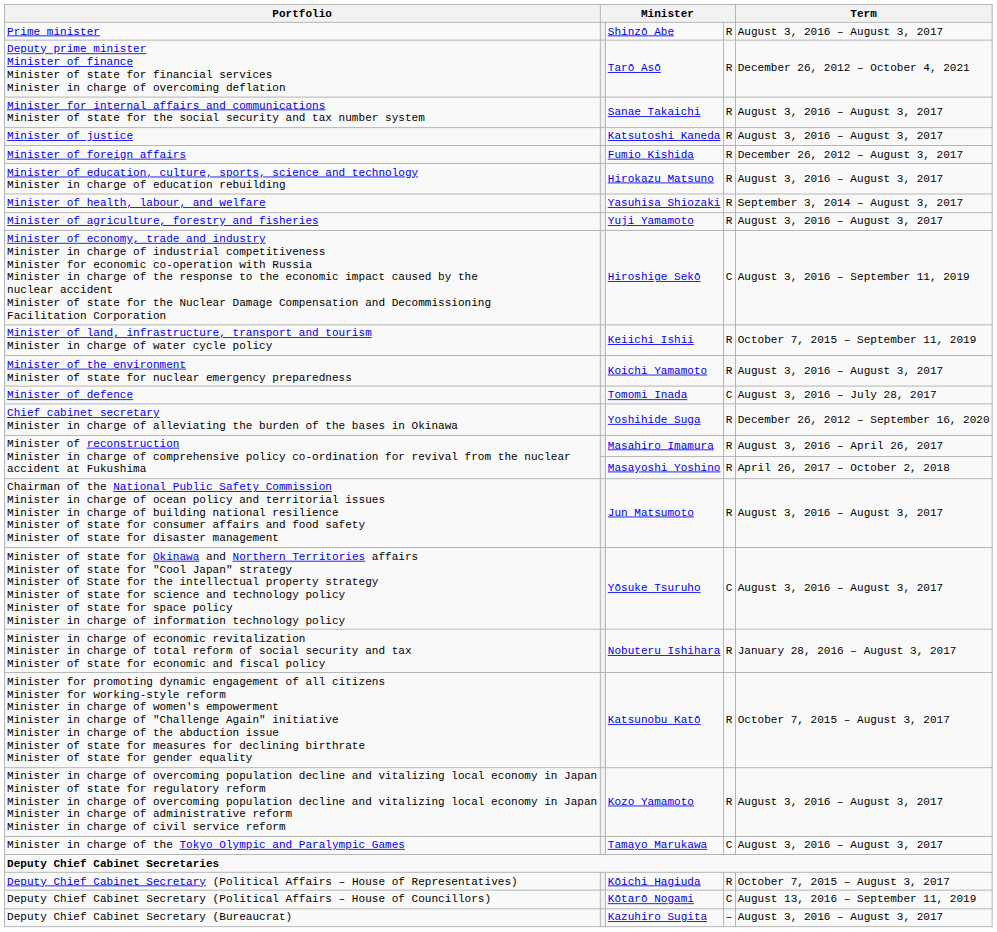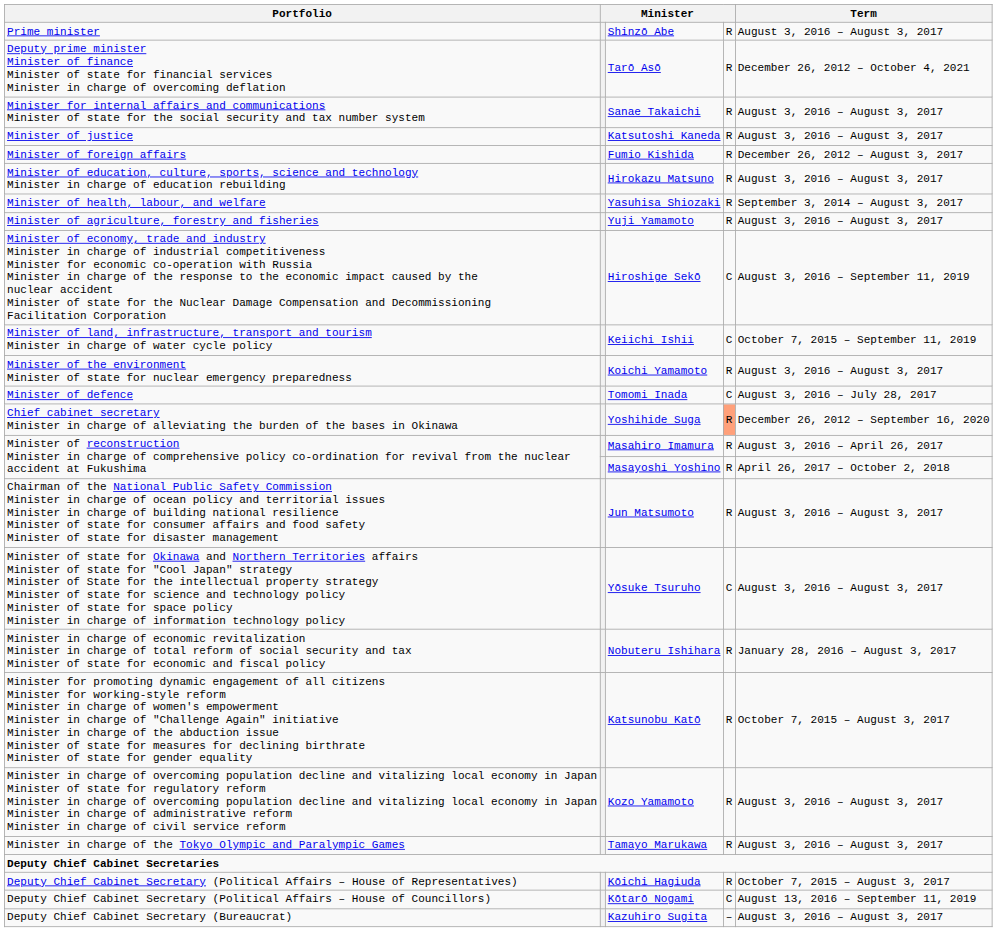 <table class="wikitable">
 <tr>
 <th>Portfolio</th>
 <th colspan=3>Minister</th>
 <th colspan=2>Term</th>
 </tr>
 <tr>
 <td><a href='#'>Prime minister</a></td>
 <th style="color:inherit;background-color: "></th>
 <td><a href='#'>Shinzō Abe</a></td>
 <td>R</td>
 <td>August 3, 2016 – August 3, 2017</td>
 </tr>
 <tr>
 <td><a href='#'>Deputy prime minister</a><br><a href='#'>Minister of finance</a><br>Minister of state for financial services<br>Minister in charge of overcoming deflation</td>
 <th style="color:inherit;background-color: "></th>
 <td><a href='#'>Tarō Asō</a></td>
 <td>R</td>
 <td>December 26, 2012 – October 4, 2021</td>
 </tr>
 <tr>
 <td><a href='#'>Minister for internal affairs and communications</a><br>Minister of state for the social security and tax number system</td>
 <th style="color:inherit;background-color: "></th>
 <td><a href='#'>Sanae Takaichi</a></td>
 <td>R</td>
 <td>August 3, 2016 – August 3, 2017</td>
 </tr>
 <tr>
 <td><a href='#'>Minister of justice</a></td>
 <th style="color:inherit;background-color: "></th>
 <td><a href='#'>Katsutoshi Kaneda</a></td>
 <td>R</td>
 <td>August 3, 2016 – August 3, 2017</td>
 </tr>
 <tr>
 <td><a href='#'>Minister of foreign affairs</a></td>
 <th style="color:inherit;background-color: "></th>
 <td><a href='#'>Fumio Kishida</a></td>
 <td>R</td>
 <td>December 26, 2012 – August 3, 2017</td>
 </tr>
 <tr>
 <td><a href='#'>Minister of education, culture, sports, science and technology</a><br>Minister in charge of education rebuilding</td>
 <th style="color:inherit;background-color: "></th>
 <td><a href='#'>Hirokazu Matsuno</a></td>
 <td>R</td>
 <td>August 3, 2016 – August 3, 2017</td>
 </tr>
 <tr>
 <td><a href='#'>Minister of health, labour, and welfare</a></td>
 <th style="color:inherit;background-color: "></th>
 <td><a href='#'>Yasuhisa Shiozaki</a></td>
 <td>R</td>
 <td>September 3, 2014 – August 3, 2017</td>
 </tr>
 <tr>
 <td><a href='#'>Minister of agriculture, forestry and fisheries</a></td>
 <th style="color:inherit;background-color: "></th>
 <td><a href='#'>Yuji Yamamoto</a></td>
 <td>R</td>
 <td>August 3, 2016 – August 3, 2017</td>
 </tr>
 <tr>
 <td><a href='#'>Minister of economy, trade and industry</a><br>Minister in charge of industrial competitiveness<br>Minister for economic co-operation with Russia<br>Minister in charge of the response to the economic impact caused by the<br>nuclear accident<br>Minister of state for the Nuclear Damage Compensation and Decommissioning<br>Facilitation Corporation</td>
 <th style="color:inherit;background-color: "></th>
 <td><a href='#'>Hiroshige Sekō</a></td>
 <td>C</td>
 <td>August 3, 2016 – September 11, 2019</td>
 </tr>
 <tr>
 <td><a href='#'>Minister of land, infrastructure, transport and tourism</a><br>Minister in charge of water cycle policy</td>
 <th style="color:inherit;background-color: "></th>
 <td><a href='#'>Keiichi Ishii</a></td>
-<td>R</td>
+<td>C</td>
 <td>October 7, 2015 – September 11, 2019</td>
 </tr>
 <tr>
 <td><a href='#'>Minister of the environment</a><br>Minister of state for nuclear emergency preparedness</td>
 <th style="color:inherit;background-color: "></th>
 <td><a href='#'>Koichi Yamamoto</a></td>
 <td>R</td>
 <td>August 3, 2016 – August 3, 2017</td>
 </tr>
 <tr>
 <td><a href='#'>Minister of defence</a></td>
 <th style="color:inherit;background-color: "></th>
 <td><a href='#'>Tomomi Inada</a></td>
 <td>C</td>
 <td>August 3, 2016 – July 28, 2017</td>
 </tr>
 <tr>
 <td><a href='#'>Chief cabinet secretary</a><br>Minister in charge of alleviating the burden of the bases in Okinawa</td>
 <th style="color:inherit;background-color: "></th>
 <td><a href='#'>Yoshihide Suga</a></td>
-<td>R</td>
+<td style="background: lightsalmon;">R</td>
 <td>December 26, 2012 – September 16, 2020</td>
 </tr>
 <tr>
 <td rowspan=2>Minister of <a href='#'>reconstruction</a><br>Minister in charge of comprehensive policy co-ordination for revival from the nuclear<br>accident at Fukushima</td>
 <th style="color:inherit;background-color: "></th>
 <td><a href='#'>Masahiro Imamura</a></td>
 <td>R</td>
 <td>August 3, 2016 – April 26, 2017</td>
 </tr>
 <tr>
 <th style="color:inherit;background-color: "></th>
 <td><a href='#'>Masayoshi Yoshino</a></td>
 <td>R</td>
 <td>April 26, 2017 – October 2, 2018</td>
 </tr>
 <tr>
 <td>Chairman of the <a href='#'>National Public Safety Commission</a><br>Minister in charge of ocean policy and territorial issues<br>Minister in charge of building national resilience<br>Minister of state for consumer affairs and food safety<br>Minister of state for disaster management</td>
 <th style="color:inherit;background-color: "></th>
 <td><a href='#'>Jun Matsumoto</a></td>
 <td>R</td>
 <td>August 3, 2016 – August 3, 2017</td>
 </tr>
 <tr>
 <td>Minister of state for <a href='#'>Okinawa</a> and <a href='#'>Northern Territories</a> affairs<br>Minister of state for "Cool Japan" strategy<br>Minister of State for the intellectual property strategy<br>Minister of state for science and technology policy<br>Minister of state for space policy<br>Minister in charge of information technology policy</td>
 <th style="color:inherit;background-color: "></th>
 <td><a href='#'>Yōsuke Tsuruho</a></td>
 <td>C</td>
 <td>August 3, 2016 – August 3, 2017</td>
 </tr>
 <tr>
 <td>Minister in charge of economic revitalization<br>Minister in charge of total reform of social security and tax<br>Minister of state for economic and fiscal policy</td>
 <th style="color:inherit;background-color: "></th>
 <td><a href='#'>Nobuteru Ishihara</a></td>
 <td>R</td>
 <td>January 28, 2016 – August 3, 2017</td>
 </tr>
 <tr>
 <td>Minister for promoting dynamic engagement of all citizens<br>Minister for working-style reform<br>Minister in charge of women's empowerment<br>Minister in charge of "Challenge Again" initiative<br>Minister in charge of the abduction issue<br>Minister of state for measures for declining birthrate<br>Minister of state for gender equality</td>
 <th style="color:inherit;background-color: "></th>
 <td><a href='#'>Katsunobu Katō</a></td>
 <td>R</td>
 <td>October 7, 2015 – August 3, 2017</td>
 </tr>
 <tr>
 <td>Minister in charge of overcoming population decline and vitalizing local economy in Japan<br>Minister of state for regulatory reform<br>Minister in charge of overcoming population decline and vitalizing local economy in Japan<br>Minister in charge of administrative reform<br>Minister in charge of civil service reform</td>
 <th style="color:inherit;background-color: "></th>
 <td><a href='#'>Kozo Yamamoto</a></td>
 <td>R</td>
 <td>August 3, 2016 – August 3, 2017</td>
 </tr>
 <tr>
 <td>Minister in charge of the <a href='#'>Tokyo Olympic and Paralympic Games</a></td>
 <th style="color:inherit;background-color: "></th>
 <td><a href='#'>Tamayo Marukawa</a></td>
-<td>C</td>
+<td>R</td>
 <td>August 3, 2016 – August 3, 2017</td>
 </tr>
 <tr>
 <td colspan=5><strong>Deputy Chief Cabinet Secretaries</strong></td>
 </tr>
 <tr>
 <td><a href='#'>Deputy Chief Cabinet Secretary</a> (Political Affairs – House of Representatives)</td>
 <th style="color:inherit;background-color: "></th>
 <td><a href='#'>Kōichi Hagiuda</a></td>
 <td>R</td>
 <td>October 7, 2015 – August 3, 2017</td>
 </tr>
 <tr>
 <td>Deputy Chief Cabinet Secretary (Political Affairs – House of Councillors)</td>
 <th style="color:inherit;background-color: "></th>
 <td><a href='#'>Kōtarō Nogami</a></td>
 <td>C</td>
 <td>August 13, 2016 – September 11, 2019</td>
 </tr>
 <tr>
 <td>Deputy Chief Cabinet Secretary (Bureaucrat)</td>
 <th style="color:inherit;background-color: "></th>
 <td><a href='#'>Kazuhiro Sugita</a></td>
 <td>–</td>
 <td>August 3, 2016 – August 3, 2017</td>
 </tr>
 </table>
